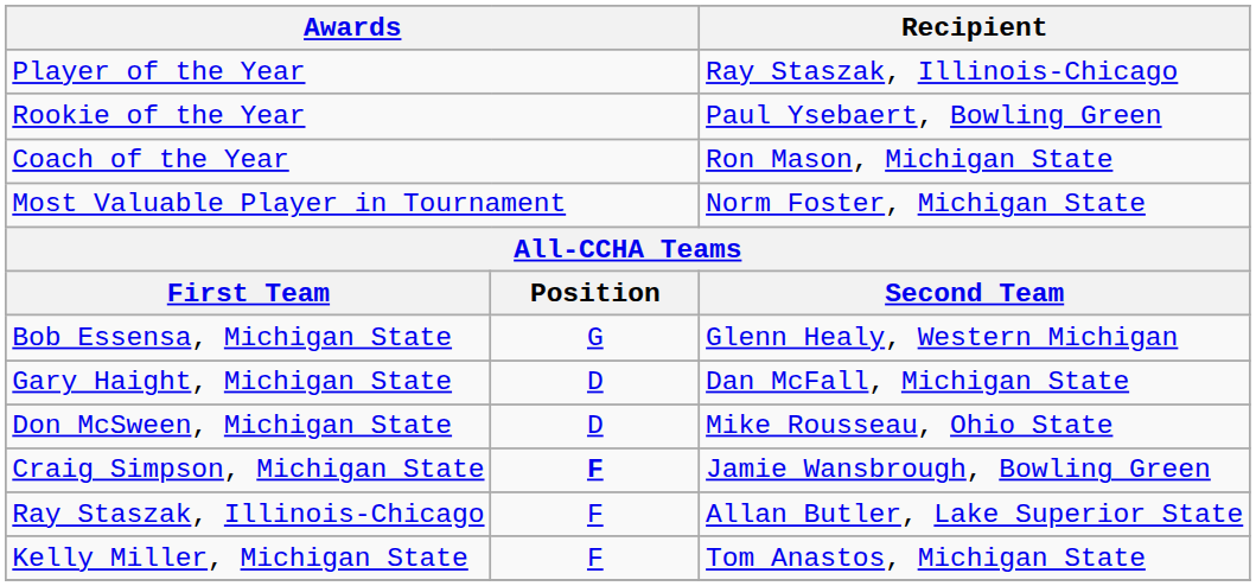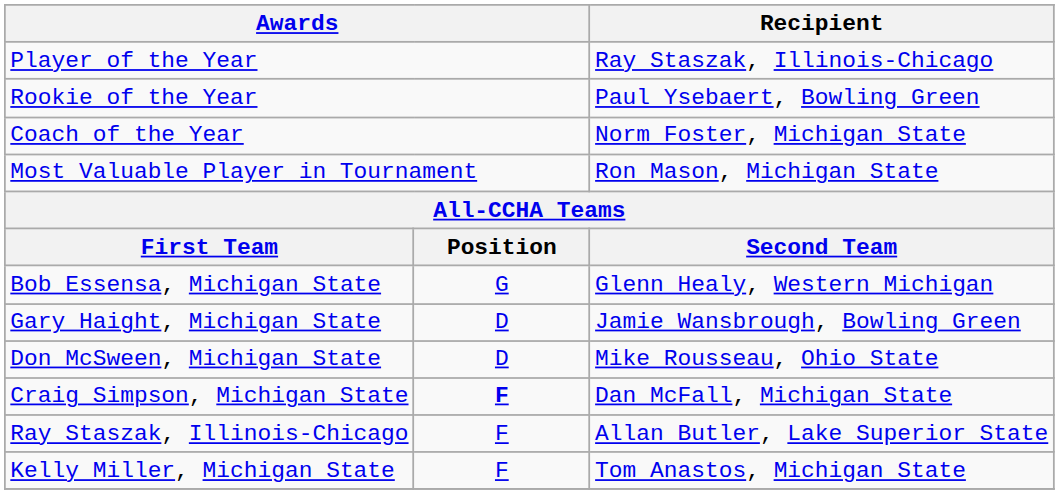 <table class="wikitable">
 <tr>
 <th colspan=2><a href='#'>Awards</a></th>
 <th>Recipient</th>
 </tr>
 <tr>
 <td colspan=2><a href='#'>Player of the Year</a></td>
 <td><a href='#'>Ray Staszak</a>, <a href='#'>Illinois-Chicago</a></td>
 </tr>
 <tr>
 <td colspan=2><a href='#'>Rookie of the Year</a></td>
 <td><a href='#'>Paul Ysebaert</a>, <a href='#'>Bowling Green</a></td>
 </tr>
 <tr>
 <td colspan=2><a href='#'>Coach of the Year</a></td>
-<td><a href='#'>Ron Mason</a>, <a href='#'>Michigan State</a></td>
+<td><a href='#'>Norm Foster</a>, <a href='#'>Michigan State</a></td>
 </tr>
 <tr>
 <td colspan=2><a href='#'>Most Valuable Player in Tournament</a></td>
-<td><a href='#'>Norm Foster</a>, <a href='#'>Michigan State</a></td>
+<td><a href='#'>Ron Mason</a>, <a href='#'>Michigan State</a></td>
 </tr>
 <tr>
 <th colspan=3><a href='#'>All-CCHA Teams</a></th>
 </tr>
 <tr>
 <th><a href='#'>First Team</a></th>
 <th>  Position  </th>
 <th><a href='#'>Second Team</a></th>
 </tr>
 <tr>
 <td><a href='#'>Bob Essensa</a>, <a href='#'>Michigan State</a></td>
 <td align=center><a href='#'>G</a></td>
 <td><a href='#'>Glenn Healy</a>, <a href='#'>Western Michigan</a></td>
 </tr>
 <tr>
 <td><a href='#'>Gary Haight</a>, <a href='#'>Michigan State</a></td>
 <td align=center><a href='#'>D</a></td>
-<td><a href='#'>Dan McFall</a>, <a href='#'>Michigan State</a></td>
+<td><a href='#'>Jamie Wansbrough</a>, <a href='#'>Bowling Green</a></td>
 </tr>
 <tr>
 <td><a href='#'>Don McSween</a>, <a href='#'>Michigan State</a></td>
 <td align=center><a href='#'>D</a></td>
 <td><a href='#'>Mike Rousseau</a>, <a href='#'>Ohio State</a></td>
 </tr>
 <tr>
 <td><a href='#'>Craig Simpson</a>, <a href='#'>Michigan State</a></td>
 <td align=center><strong><a href='#'>F</a></strong></td>
-<td><a href='#'>Jamie Wansbrough</a>, <a href='#'>Bowling Green</a></td>
+<td><a href='#'>Dan McFall</a>, <a href='#'>Michigan State</a></td>
 </tr>
 <tr>
 <td><a href='#'>Ray Staszak</a>, <a href='#'>Illinois-Chicago</a></td>
 <td align=center><a href='#'>F</a></td>
 <td><a href='#'>Allan Butler</a>, <a href='#'>Lake Superior State</a></td>
 </tr>
 <tr>
 <td><a href='#'>Kelly Miller</a>, <a href='#'>Michigan State</a></td>
 <td align=center><a href='#'>F</a></td>
 <td><a href='#'>Tom Anastos</a>, <a href='#'>Michigan State</a></td>
 </tr>
 <tr>
 </tr>
 </table>
